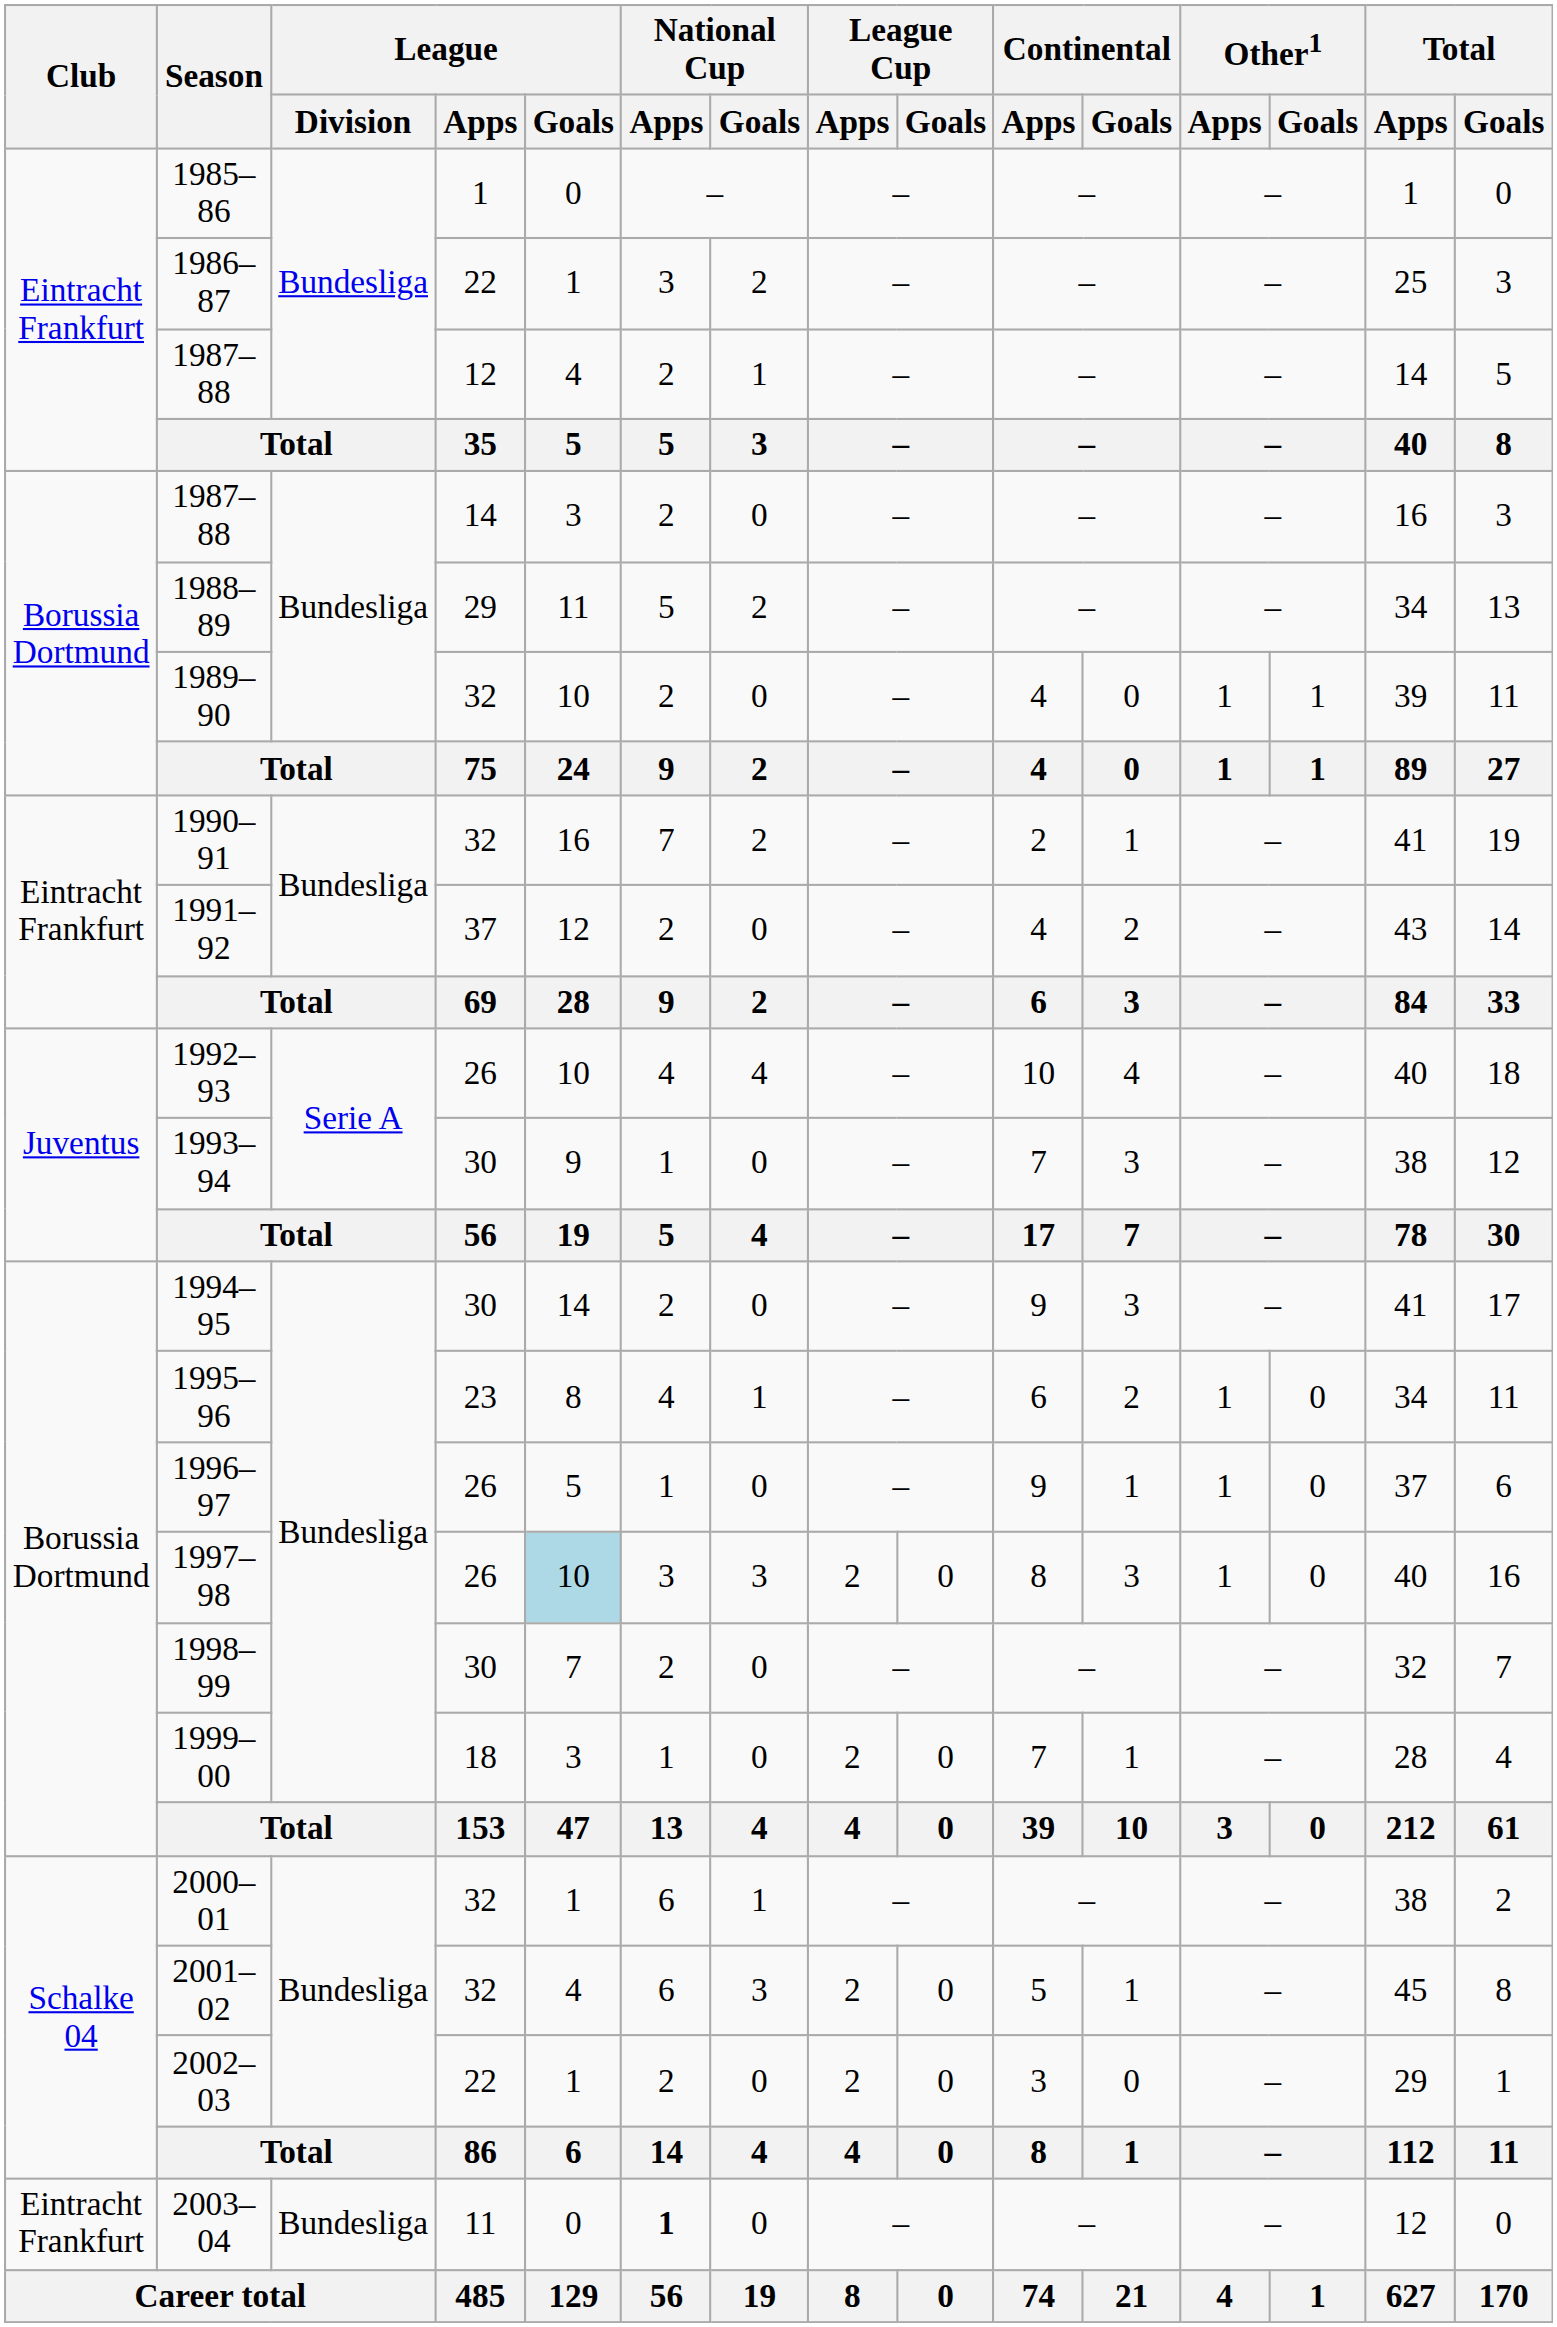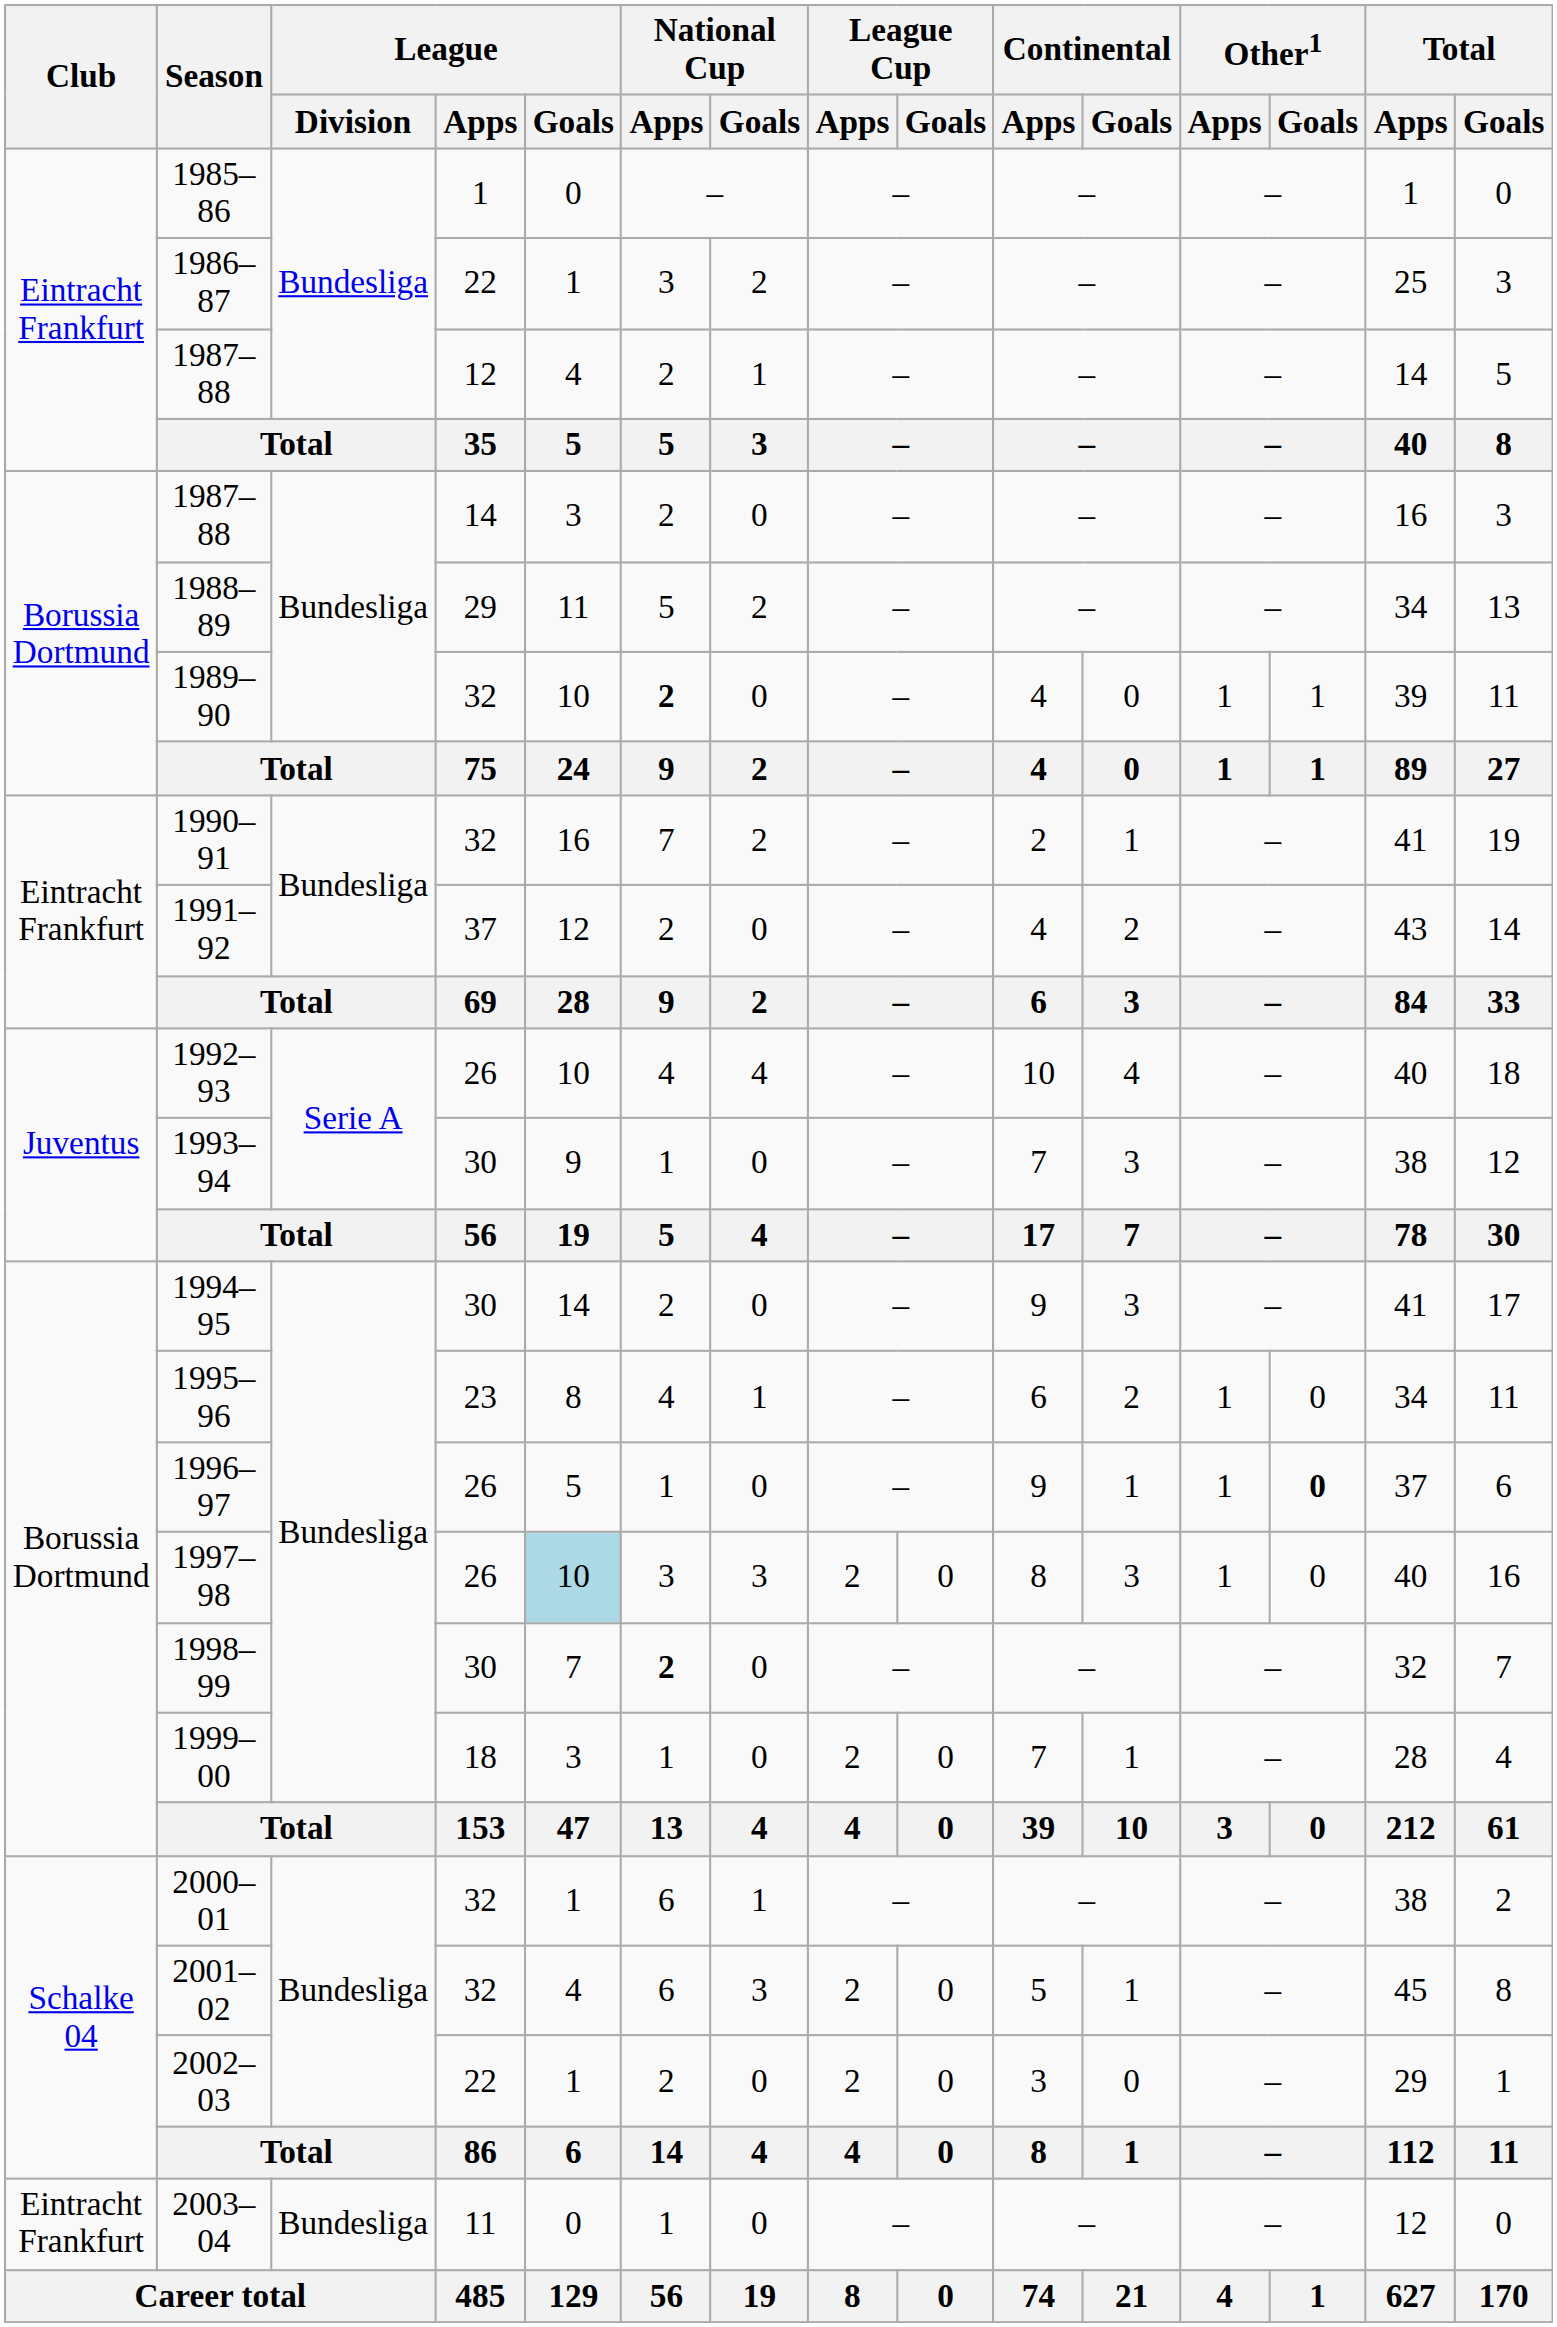 <table class="wikitable" style="text-align:center">
 <tr>
 <th rowspan="2">Club</th>
 <th rowspan="2">Season</th>
 <th colspan="3">League</th>
 <th colspan="2">National Cup</th>
 <th colspan="2">League Cup</th>
 <th colspan="2">Continental</th>
 <th colspan="2">Other<sup>1</sup></th>
 <th colspan="2">Total</th>
 </tr>
 <tr>
 <th>Division</th>
 <th>Apps</th>
 <th>Goals</th>
 <th>Apps</th>
 <th>Goals</th>
 <th>Apps</th>
 <th>Goals</th>
 <th>Apps</th>
 <th>Goals</th>
 <th>Apps</th>
 <th>Goals</th>
 <th>Apps</th>
 <th>Goals</th>
 </tr>
 <tr>
 <td rowspan="4"><a href='#'>Eintracht Frankfurt</a></td>
 <td>1985–86</td>
 <td rowspan="3"><a href='#'>Bundesliga</a></td>
 <td>1</td>
 <td>0</td>
 <td colspan="2">–</td>
 <td colspan="2">–</td>
 <td colspan="2">–</td>
 <td colspan="2">–</td>
 <td>1</td>
 <td>0</td>
 </tr>
 <tr>
 <td>1986–87</td>
 <td>22</td>
 <td>1</td>
 <td>3</td>
 <td>2</td>
 <td colspan="2">–</td>
 <td colspan="2">–</td>
 <td colspan="2">–</td>
 <td>25</td>
 <td>3</td>
 </tr>
 <tr>
 <td>1987–88</td>
 <td>12</td>
 <td>4</td>
 <td>2</td>
 <td>1</td>
 <td colspan="2">–</td>
 <td colspan="2">–</td>
 <td colspan="2">–</td>
 <td>14</td>
 <td>5</td>
 </tr>
 <tr>
 <th colspan="2">Total</th>
 <th>35</th>
 <th>5</th>
 <th>5</th>
 <th>3</th>
 <th colspan="2">–</th>
 <th colspan="2">–</th>
 <th colspan="2">–</th>
 <th>40</th>
 <th>8</th>
 </tr>
 <tr>
 <td rowspan="4"><a href='#'>Borussia Dortmund</a></td>
 <td>1987–88</td>
 <td rowspan="3">Bundesliga</td>
 <td>14</td>
 <td>3</td>
 <td>2</td>
 <td>0</td>
 <td colspan="2">–</td>
 <td colspan="2">–</td>
 <td colspan="2">–</td>
 <td>16</td>
 <td>3</td>
 </tr>
 <tr>
 <td>1988–89</td>
 <td>29</td>
 <td>11</td>
 <td>5</td>
 <td>2</td>
 <td colspan="2">–</td>
 <td colspan="2">–</td>
 <td colspan="2">–</td>
 <td>34</td>
 <td>13</td>
 </tr>
 <tr>
 <td>1989–90</td>
 <td>32</td>
 <td>10</td>
-<td>2</td>
+<td><strong>2</strong></td>
 <td>0</td>
 <td colspan="2">–</td>
 <td>4</td>
 <td>0</td>
 <td>1</td>
 <td>1</td>
 <td>39</td>
 <td>11</td>
 </tr>
 <tr>
 <th colspan="2">Total</th>
 <th>75</th>
 <th>24</th>
 <th>9</th>
 <th>2</th>
 <th colspan="2">–</th>
 <th>4</th>
 <th>0</th>
 <th>1</th>
 <th>1</th>
 <th>89</th>
 <th>27</th>
 </tr>
 <tr>
 <td rowspan="3">Eintracht Frankfurt</td>
 <td>1990–91</td>
 <td rowspan="2">Bundesliga</td>
 <td>32</td>
 <td>16</td>
 <td>7</td>
 <td>2</td>
 <td colspan="2">–</td>
 <td>2</td>
 <td>1</td>
 <td colspan="2">–</td>
 <td>41</td>
 <td>19</td>
 </tr>
 <tr>
 <td>1991–92</td>
 <td>37</td>
 <td>12</td>
 <td>2</td>
 <td>0</td>
 <td colspan="2">–</td>
 <td>4</td>
 <td>2</td>
 <td colspan="2">–</td>
 <td>43</td>
 <td>14</td>
 </tr>
 <tr>
 <th colspan="2">Total</th>
 <th>69</th>
 <th>28</th>
 <th>9</th>
 <th>2</th>
 <th colspan="2">–</th>
 <th>6</th>
 <th>3</th>
 <th colspan="2">–</th>
 <th>84</th>
 <th>33</th>
 </tr>
 <tr>
 <td rowspan="3"><a href='#'>Juventus</a></td>
 <td>1992–93</td>
 <td rowspan="2"><a href='#'>Serie A</a></td>
 <td>26</td>
 <td>10</td>
 <td>4</td>
 <td>4</td>
 <td colspan="2">–</td>
 <td>10</td>
 <td>4</td>
 <td colspan="2">–</td>
 <td>40</td>
 <td>18</td>
 </tr>
 <tr>
 <td>1993–94</td>
 <td>30</td>
 <td>9</td>
 <td>1</td>
 <td>0</td>
 <td colspan="2">–</td>
 <td>7</td>
 <td>3</td>
 <td colspan="2">–</td>
 <td>38</td>
 <td>12</td>
 </tr>
 <tr>
 <th colspan="2">Total</th>
 <th>56</th>
 <th>19</th>
 <th>5</th>
 <th>4</th>
 <th colspan="2">–</th>
 <th>17</th>
 <th>7</th>
 <th colspan="2">–</th>
 <th>78</th>
 <th>30</th>
 </tr>
 <tr>
 <td rowspan="7">Borussia Dortmund</td>
 <td>1994–95</td>
 <td rowspan="6">Bundesliga</td>
 <td>30</td>
 <td>14</td>
 <td>2</td>
 <td>0</td>
 <td colspan="2">–</td>
 <td>9</td>
 <td>3</td>
 <td colspan="2">–</td>
 <td>41</td>
 <td>17</td>
 </tr>
 <tr>
 <td>1995–96</td>
 <td>23</td>
 <td>8</td>
 <td>4</td>
 <td>1</td>
 <td colspan="2">–</td>
 <td>6</td>
 <td>2</td>
 <td>1</td>
 <td>0</td>
 <td>34</td>
 <td>11</td>
 </tr>
 <tr>
 <td>1996–97</td>
 <td>26</td>
 <td>5</td>
 <td>1</td>
 <td>0</td>
 <td colspan="2">–</td>
 <td>9</td>
 <td>1</td>
 <td>1</td>
-<td>0</td>
+<td><strong>0</strong></td>
 <td>37</td>
 <td>6</td>
 </tr>
 <tr>
 <td>1997–98</td>
 <td>26</td>
 <td style="background: lightblue;">10</td>
 <td>3</td>
 <td>3</td>
 <td>2</td>
 <td>0</td>
 <td>8</td>
 <td>3</td>
 <td>1</td>
 <td>0</td>
 <td>40</td>
 <td>16</td>
 </tr>
 <tr>
 <td>1998–99</td>
 <td>30</td>
 <td>7</td>
-<td>2</td>
+<td><strong>2</strong></td>
 <td>0</td>
 <td colspan="2">–</td>
 <td colspan="2">–</td>
 <td colspan="2">–</td>
 <td>32</td>
 <td>7</td>
 </tr>
 <tr>
 <td>1999–00</td>
 <td>18</td>
 <td>3</td>
 <td>1</td>
 <td>0</td>
 <td>2</td>
 <td>0</td>
 <td>7</td>
 <td>1</td>
 <td colspan="2">–</td>
 <td>28</td>
 <td>4</td>
 </tr>
 <tr>
 <th colspan="2">Total</th>
 <th>153</th>
 <th>47</th>
 <th>13</th>
 <th>4</th>
 <th>4</th>
 <th>0</th>
 <th>39</th>
 <th>10</th>
 <th>3</th>
 <th>0</th>
 <th>212</th>
 <th>61</th>
 </tr>
 <tr>
 <td rowspan="4"><a href='#'>Schalke 04</a></td>
 <td>2000–01</td>
 <td rowspan="3">Bundesliga</td>
 <td>32</td>
 <td>1</td>
 <td>6</td>
 <td>1</td>
 <td colspan="2">–</td>
 <td colspan="2">–</td>
 <td colspan="2">–</td>
 <td>38</td>
 <td>2</td>
 </tr>
 <tr>
 <td>2001–02</td>
 <td>32</td>
 <td>4</td>
 <td>6</td>
 <td>3</td>
 <td>2</td>
 <td>0</td>
 <td>5</td>
 <td>1</td>
 <td colspan="2">–</td>
 <td>45</td>
 <td>8</td>
 </tr>
 <tr>
 <td>2002–03</td>
 <td>22</td>
 <td>1</td>
 <td>2</td>
 <td>0</td>
 <td>2</td>
 <td>0</td>
 <td>3</td>
 <td>0</td>
 <td colspan="2">–</td>
 <td>29</td>
 <td>1</td>
 </tr>
 <tr>
 <th colspan="2">Total</th>
 <th>86</th>
 <th>6</th>
 <th>14</th>
 <th>4</th>
 <th>4</th>
 <th>0</th>
 <th>8</th>
 <th>1</th>
 <th colspan="2">–</th>
 <th>112</th>
 <th>11</th>
 </tr>
 <tr>
 <td>Eintracht Frankfurt</td>
 <td>2003–04</td>
 <td>Bundesliga</td>
 <td>11</td>
 <td>0</td>
-<td><strong>1</strong></td>
+<td>1</td>
 <td>0</td>
 <td colspan="2">–</td>
 <td colspan="2">–</td>
 <td colspan="2">–</td>
 <td>12</td>
 <td>0</td>
 </tr>
 <tr>
 <th colspan="3">Career total</th>
 <th>485</th>
 <th>129</th>
 <th>56</th>
 <th>19</th>
 <th>8</th>
 <th>0</th>
 <th>74</th>
 <th>21</th>
 <th>4</th>
 <th>1</th>
 <th>627</th>
 <th>170</th>
 </tr>
 </table>
